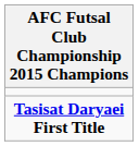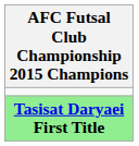 <table class="wikitable" style="text-align: center; margin: 0 auto; width: 20%">
 <tr>
 <th>AFC Futsal Club Championship<br>2015 Champions</th>
 </tr>
 <tr>
 <td></td>
 </tr>
 <tr>
-<td><strong><a href='#'>Tasisat Daryaei</a></strong><br><strong>First Title</strong></td>
+<td style="background: lightgreen;"><strong><a href='#'>Tasisat Daryaei</a></strong><br><strong>First Title</strong></td>
 </tr>
 </table>
